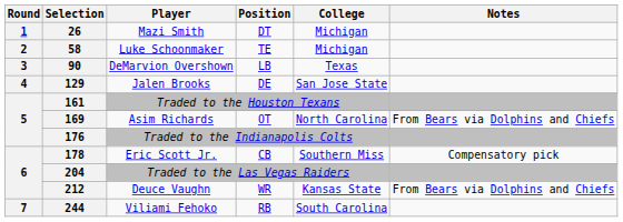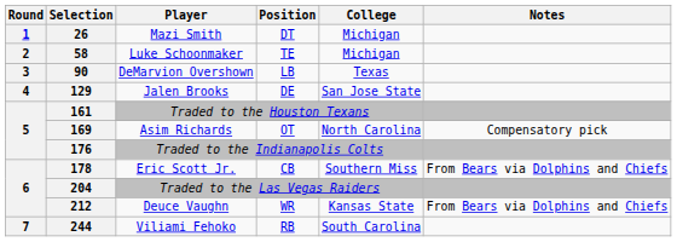 <table class="wikitable" style="text-align:center">
 <tr>
 <th>Round</th>
 <th>Selection</th>
 <th>Player</th>
 <th>Position</th>
 <th>College</th>
 <th>Notes</th>
 </tr>
 <tr>
 <th><a href='#'>1</a></th>
 <th>26</th>
 <td><a href='#'>Mazi Smith</a></td>
 <td><a href='#'>DT</a></td>
 <td><a href='#'>Michigan</a></td>
 <td></td>
 </tr>
 <tr>
 <th>2</th>
 <th>58</th>
 <td><a href='#'>Luke Schoonmaker</a></td>
 <td><a href='#'>TE</a></td>
 <td><a href='#'>Michigan</a></td>
 <td></td>
 </tr>
 <tr>
 <th>3</th>
 <th>90</th>
 <td><a href='#'>DeMarvion Overshown</a></td>
 <td><a href='#'>LB</a></td>
 <td><a href='#'>Texas</a></td>
 <td></td>
 </tr>
 <tr>
 <th>4</th>
 <th>129</th>
 <td><a href='#'>Jalen Brooks</a></td>
 <td><a href='#'>DE</a></td>
 <td><a href='#'>San Jose State</a></td>
 <td></td>
 </tr>
 <tr>
 <th rowspan="3">5</th>
 <th>161</th>
 <td colspan="3" style="background:#BFBFBF"><em>Traded to the <a href='#'>Houston Texans</a></em></td>
 <td style="background:#BFBFBF"></td>
 </tr>
 <tr>
 <th>169</th>
 <td><a href='#'>Asim Richards</a></td>
 <td><a href='#'>OT</a></td>
 <td><a href='#'>North Carolina</a></td>
-<td>From <a href='#'>Bears</a> via <a href='#'>Dolphins</a> and <a href='#'>Chiefs</a></td>
+<td>Compensatory pick</td>
 </tr>
 <tr>
 <th>176</th>
 <td colspan="3" style="background:#BFBFBF"><em>Traded to the <a href='#'>Indianapolis Colts</a></em></td>
 <td style="background:#BFBFBF"></td>
 </tr>
 <tr>
 <th rowspan="3">6</th>
 <th>178</th>
 <td><a href='#'>Eric Scott Jr.</a></td>
 <td><a href='#'>CB</a></td>
 <td><a href='#'>Southern Miss</a></td>
-<td>Compensatory pick</td>
+<td>From <a href='#'>Bears</a> via <a href='#'>Dolphins</a> and <a href='#'>Chiefs</a></td>
 </tr>
 <tr>
 <th>204</th>
 <td colspan="3" style="background:#BFBFBF"><em>Traded to the <a href='#'>Las Vegas Raiders</a></em></td>
 <td style="background:#BFBFBF"></td>
 </tr>
 <tr>
 <th>212</th>
 <td><a href='#'>Deuce Vaughn</a></td>
 <td><a href='#'>WR</a></td>
 <td><a href='#'>Kansas State</a></td>
 <td>From <a href='#'>Bears</a> via <a href='#'>Dolphins</a> and <a href='#'>Chiefs</a></td>
 </tr>
 <tr>
 <th>7</th>
 <th>244</th>
 <td><a href='#'>Viliami Fehoko</a></td>
 <td><a href='#'>RB</a></td>
 <td><a href='#'>South Carolina</a></td>
 <td></td>
 </tr>
 </table>
